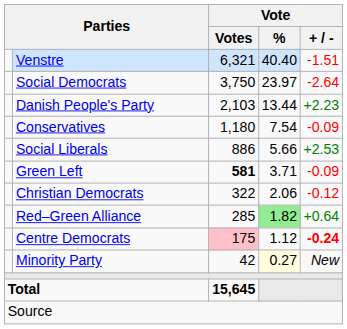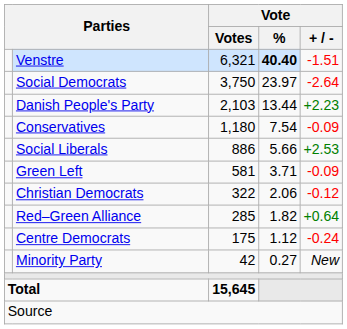 <table class="wikitable" style="text-align:right;">
 <tr>
 <th style="text-align:centre;" rowspan="2" colspan="2" width="225">Parties</th>
 <th colspan="3">Vote</th>
 </tr>
 <tr>
 <th width="15">Votes</th>
 <th width="15">%</th>
 <th width="15">+ / -</th>
 </tr>
 <tr>
 <td width="2" style="color:inherit;background:"></td>
 <td bgcolor=#cfe5fe  align="left"><a href='#'>Venstre</a></td>
 <td bgcolor=#cfe5fe>6,321</td>
-<td bgcolor=#cfe5fe>40.40</td>
+<td bgcolor=#cfe5fe><strong>40.40</strong></td>
 <td style=color:red;>-1.51</td>
 </tr>
 <tr>
 <td width="2" style="color:inherit;background:"></td>
 <td align="left"><a href='#'>Social Democrats</a></td>
 <td>3,750</td>
 <td>23.97</td>
 <td style=color:red;>-2.64</td>
 </tr>
 <tr>
 <td width="2" style="color:inherit;background:"></td>
 <td align="left"><a href='#'>Danish People's Party</a></td>
 <td>2,103</td>
 <td>13.44</td>
 <td style=color:green;>+2.23</td>
 </tr>
 <tr>
 <td width="2" style="color:inherit;background:"></td>
 <td align="left"><a href='#'>Conservatives</a></td>
 <td>1,180</td>
 <td>7.54</td>
 <td style=color:red;>-0.09</td>
 </tr>
 <tr>
 <td width="2" style="color:inherit;background:"></td>
 <td align="left"><a href='#'>Social Liberals</a></td>
 <td>886</td>
 <td>5.66</td>
 <td style=color:green;>+2.53</td>
 </tr>
 <tr>
 <td width="2" style="color:inherit;background:"></td>
 <td align="left"><a href='#'>Green Left</a></td>
-<td><strong>581</strong></td>
+<td>581</td>
 <td>3.71</td>
 <td style=color:red;>-0.09</td>
 </tr>
 <tr>
 <td width="2" style="color:inherit;background:"></td>
 <td align="left"><a href='#'>Christian Democrats</a></td>
 <td>322</td>
 <td>2.06</td>
 <td style=color:red;>-0.12</td>
 </tr>
 <tr>
 <td width="2" style="color:inherit;background:"></td>
 <td align="left"><a href='#'>Red–Green Alliance</a></td>
 <td>285</td>
-<td style="background: lightgreen;">1.82</td>
+<td>1.82</td>
 <td style=color:green;>+0.64</td>
 </tr>
 <tr>
 <td width="2" style="color:inherit;background:"></td>
 <td align="left"><a href='#'>Centre Democrats</a></td>
-<td style="background: pink;">175</td>
+<td>175</td>
 <td>1.12</td>
-<td style=color:red;><strong>-0.24</strong></td>
+<td style=color:red;>-0.24</td>
 </tr>
 <tr>
 <td width="2" style="color:inherit;background:"></td>
 <td align="left"><a href='#'>Minority Party</a></td>
 <td>42</td>
-<td style="background: lightyellow;">0.27</td>
+<td>0.27</td>
 <td><em>New</em></td>
 </tr>
 <tr>
 <td colspan="7" bgcolor="#E9E9E9"></td>
 </tr>
 <tr>
 <td align="left" colspan="2"><strong>Total</strong></td>
 <td><strong>15,645</strong></td>
 <td bgcolor="#E9E9E9" colspan="2"></td>
 </tr>
 <tr>
 <td align="left" colspan="6">Source</td>
 </tr>
 </table>
